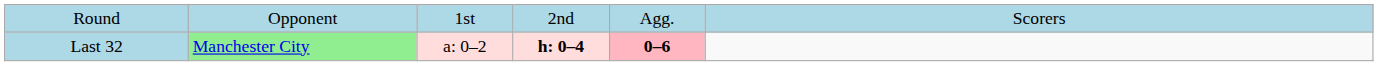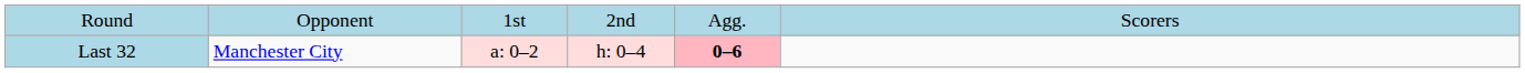 <table class="wikitable" style="text-align:center">
 <tr bgcolor=lightblue>
 <td width=160px>Round</td>
 <td width=200px>Opponent</td>
 <td width=80px>1st</td>
 <td width=80px>2nd</td>
 <td width=80px>Agg.</td>
 <td width=600px>Scorers</td>
 </tr>
 <tr>
 <td bgcolor=lightblue>Last 32</td>
-<td align=left style="background: lightgreen;"> <a href='#'>Manchester City</a></td>
+<td align=left> <a href='#'>Manchester City</a></td>
 <td bgcolor="#ffdddd">a: 0–2</td>
-<td bgcolor="#ffdddd"><strong>h: 0–4</strong></td>
+<td bgcolor="#ffdddd">h: 0–4</td>
 <td bgcolor=lightpink><strong>0–6</strong></td>
 <td></td>
 </tr>
 </table>
